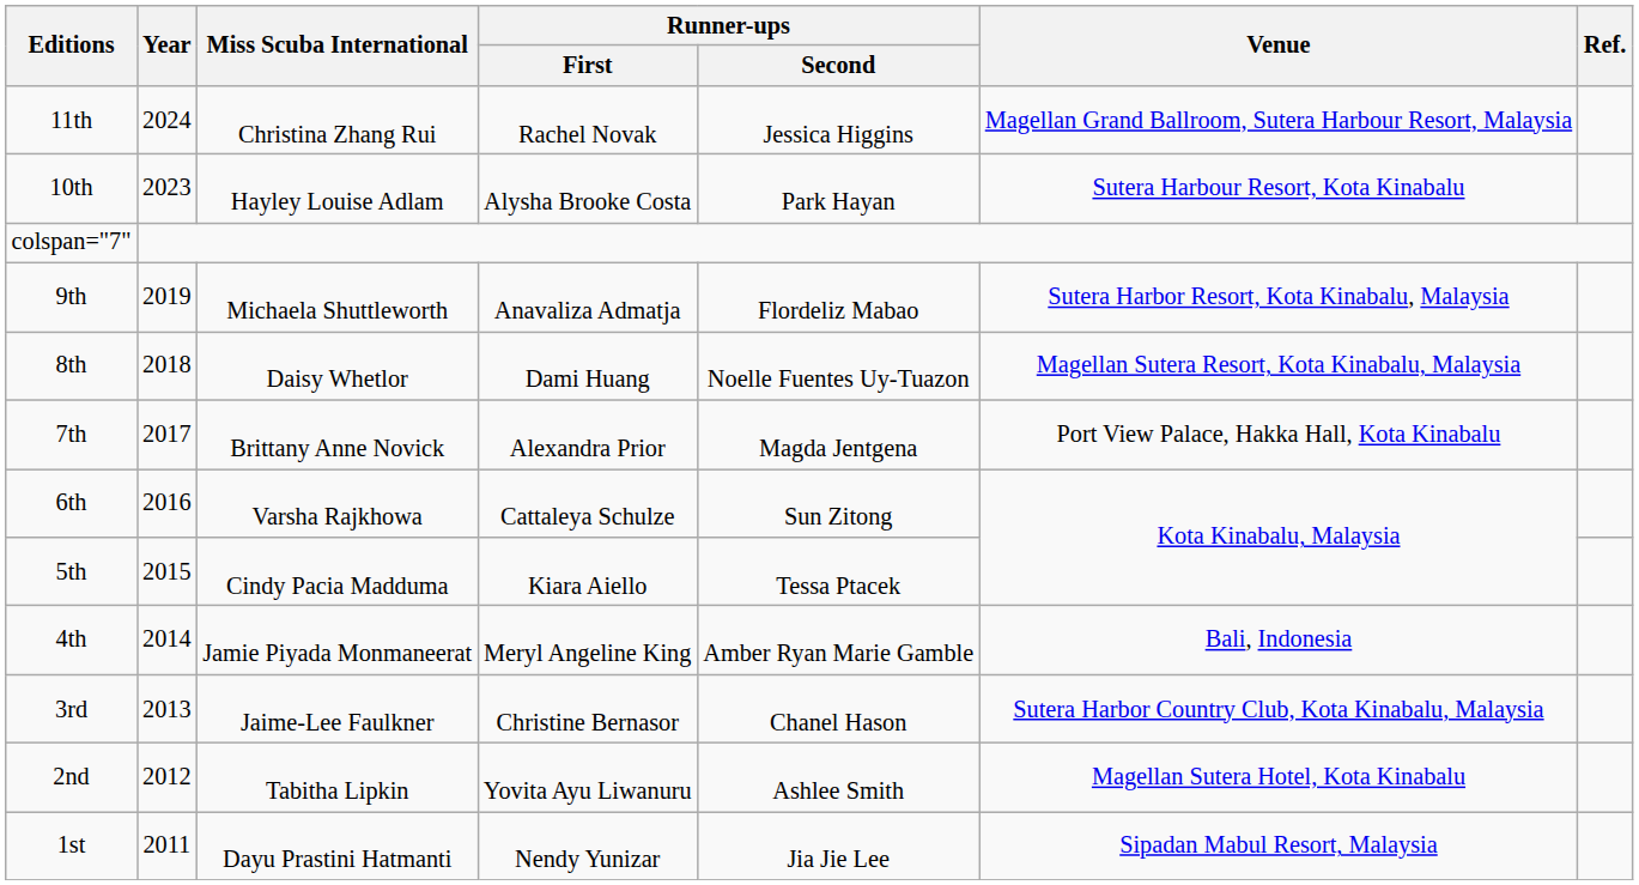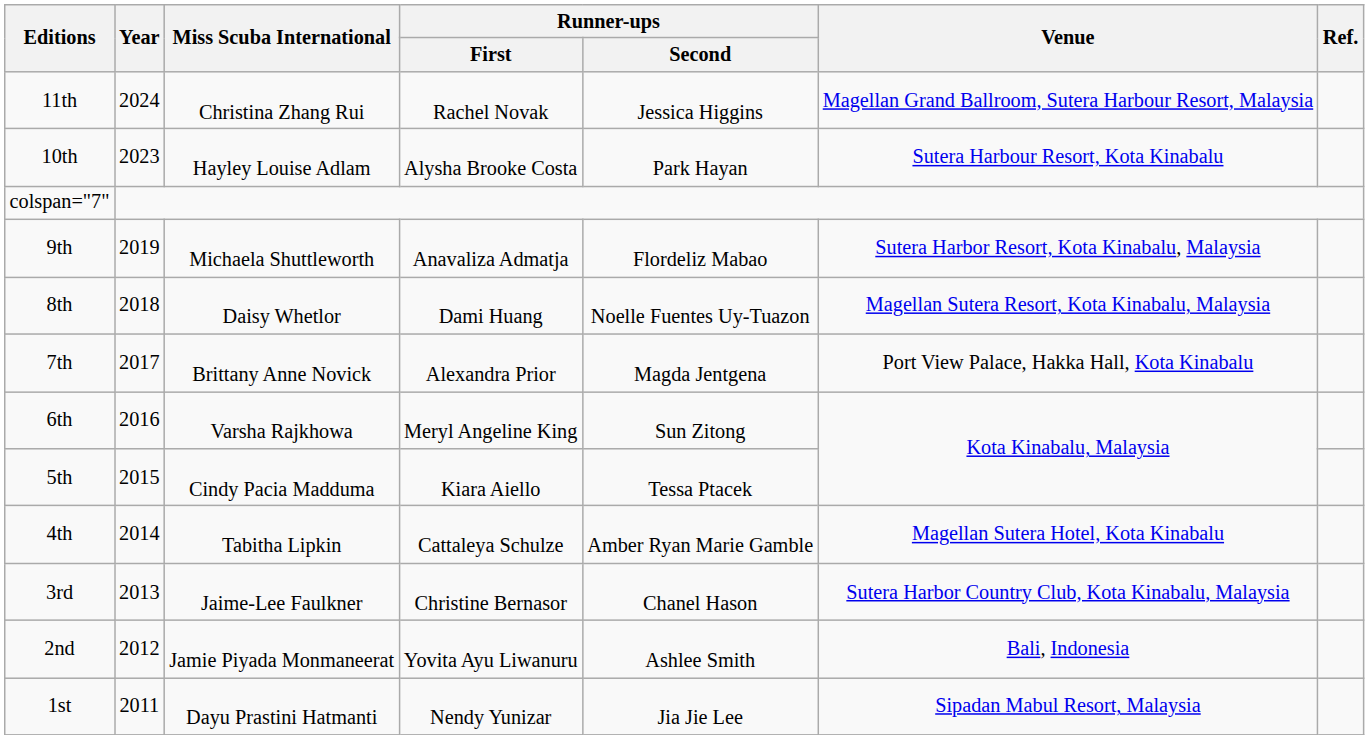 <table class="wikitable sortable" style="font-size: 85%; text-align:center">
 <tr>
 <th rowspan="2">Editions</th>
 <th rowspan="2">Year</th>
 <th rowspan="2">Miss Scuba International</th>
 <th colspan="2">Runner-ups</th>
 <th rowspan="2">Venue</th>
 <th rowspan="2">Ref.</th>
 </tr>
 <tr>
 <th>First</th>
 <th>Second</th>
 </tr>
 <tr>
 <td>11th</td>
 <td>2024</td>
 <td><br>Christina Zhang Rui</td>
 <td><br>Rachel Novak</td>
 <td><br>Jessica Higgins</td>
 <td><a href='#'>Magellan Grand Ballroom, Sutera Harbour Resort, Malaysia</a></td>
 <td></td>
 </tr>
 <tr>
 <td>10th</td>
 <td>2023</td>
 <td><br>Hayley Louise Adlam</td>
 <td><br>Alysha Brooke Costa</td>
 <td><br>Park Hayan</td>
 <td><a href='#'>Sutera Harbour Resort, Kota Kinabalu</a></td>
 <td></td>
 </tr>
 <tr>
 <td>colspan="7" </td>
 </tr>
 <tr>
 <td>9th</td>
 <td>2019</td>
 <td><br>Michaela Shuttleworth</td>
 <td><br>Anavaliza Admatja</td>
 <td><br>Flordeliz Mabao</td>
 <td><a href='#'>Sutera Harbor Resort, Kota Kinabalu</a>, <a href='#'>Malaysia</a></td>
 <td></td>
 </tr>
 <tr>
 <td>8th</td>
 <td>2018</td>
 <td><br>Daisy Whetlor</td>
 <td><br>Dami Huang</td>
 <td><br>Noelle Fuentes Uy-Tuazon</td>
 <td><a href='#'>Magellan Sutera Resort, Kota Kinabalu, Malaysia</a></td>
 <td></td>
 </tr>
 <tr>
 <td>7th</td>
 <td>2017</td>
 <td><br>Brittany Anne Novick</td>
 <td><br>Alexandra Prior</td>
 <td><br>Magda Jentgena</td>
 <td>Port View Palace, Hakka Hall, <a href='#'>Kota Kinabalu</a></td>
 <td></td>
 </tr>
 <tr>
 <td>6th</td>
 <td>2016</td>
 <td><br>Varsha Rajkhowa</td>
-<td><br>Cattaleya Schulze</td>
+<td><br>Meryl Angeline King</td>
 <td><br>Sun Zitong</td>
 <td rowspan="2"><a href='#'>Kota Kinabalu, Malaysia</a></td>
 <td></td>
 </tr>
 <tr>
 <td>5th</td>
 <td>2015</td>
 <td><br>Cindy Pacia Madduma</td>
 <td><br>Kiara Aiello</td>
 <td><br>Tessa Ptacek</td>
 <td></td>
 </tr>
 <tr>
 <td>4th</td>
 <td>2014</td>
-<td><br>Jamie Piyada Monmaneerat</td>
-<td><br>Meryl Angeline King</td>
+<td><br>Tabitha Lipkin</td>
+<td><br>Cattaleya Schulze</td>
 <td><br>Amber Ryan Marie Gamble</td>
-<td><a href='#'>Bali</a>, <a href='#'>Indonesia</a></td>
+<td><a href='#'>Magellan Sutera Hotel, Kota Kinabalu</a></td>
 <td></td>
 </tr>
 <tr>
 <td>3rd</td>
 <td>2013</td>
 <td><br>Jaime-Lee Faulkner</td>
 <td><br>Christine Bernasor</td>
 <td><br>Chanel Hason</td>
 <td><a href='#'>Sutera Harbor Country Club, Kota Kinabalu, Malaysia</a></td>
 <td></td>
 </tr>
 <tr>
 <td>2nd</td>
 <td>2012</td>
-<td><br>Tabitha Lipkin</td>
+<td><br>Jamie Piyada Monmaneerat</td>
 <td><br>Yovita Ayu Liwanuru</td>
 <td><br>Ashlee Smith</td>
-<td><a href='#'>Magellan Sutera Hotel, Kota Kinabalu</a></td>
+<td><a href='#'>Bali</a>, <a href='#'>Indonesia</a></td>
 <td></td>
 </tr>
 <tr>
 <td>1st</td>
 <td>2011</td>
 <td><br>Dayu Prastini Hatmanti</td>
 <td><br>Nendy Yunizar</td>
 <td><br>Jia Jie Lee</td>
 <td><a href='#'>Sipadan Mabul Resort, Malaysia</a></td>
 <td></td>
 </tr>
 </table>
